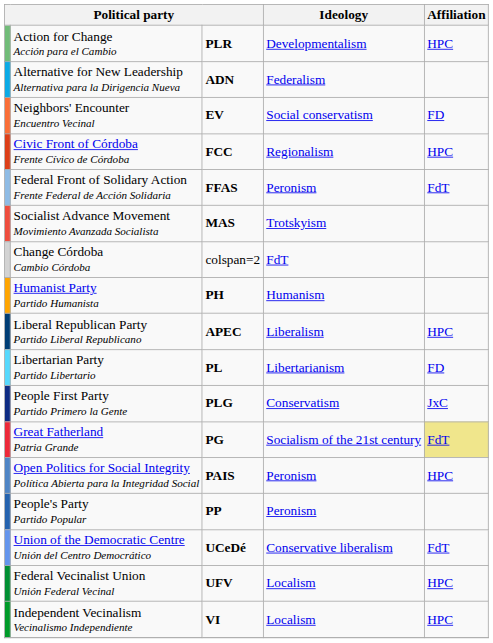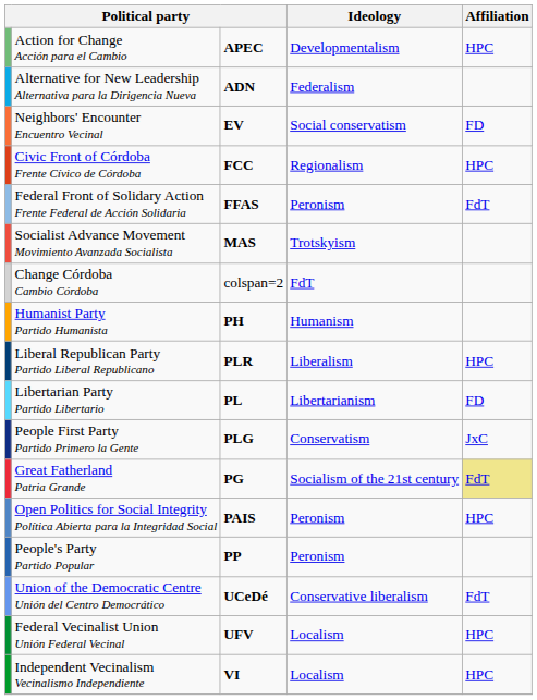 <table class="wikitable">
 <tr>
 <th colspan=3>Political party</th>
 <th>Ideology</th>
 <th>Affiliation</th>
 </tr>
 <tr>
 <th style="background:#71BC78;"></th>
 <td>Action for Change<br><small><em>Acción para el Cambio</em></small></td>
-<td><strong>PLR</strong></td>
+<td><strong>APEC</strong></td>
 <td><a href='#'>Developmentalism</a></td>
 <td><a href='#'>HPC</a></td>
 </tr>
 <tr>
 <th style="background:#0aaae6;"></th>
 <td>Alternative for New Leadership<br><small><em>Alternativa para la Dirigencia Nueva</em></small></td>
 <td><strong>ADN</strong></td>
 <td><a href='#'>Federalism</a></td>
 <td></td>
 </tr>
 <tr>
 <th style="background:#fa6e36;"></th>
 <td>Neighbors' Encounter<br><small><em>Encuentro Vecinal</em></small></td>
 <td><strong>EV</strong></td>
 <td><a href='#'>Social conservatism</a></td>
 <td><a href='#'>FD</a></td>
 </tr>
 <tr>
 <th style="background:#dd3f18;"></th>
 <td><a href='#'>Civic Front of Córdoba</a><br><small><em>Frente Cívico de Córdoba</em></small></td>
 <td><strong>FCC</strong></td>
 <td><a href='#'>Regionalism</a></td>
 <td><a href='#'>HPC</a></td>
 </tr>
 <tr>
 <th style="background:#8ebbe5;"></th>
 <td>Federal Front of Solidary Action<br><small><em>Frente Federal de Acción Solidaria</em></small></td>
 <td><strong>FFAS</strong></td>
 <td><a href='#'>Peronism</a></td>
 <td><a href='#'>FdT</a></td>
 </tr>
 <tr>
 <th style="background:#ef4d3e;"></th>
 <td>Socialist Advance Movement<br><small><em>Movimiento Avanzada Socialista</em></small></td>
 <td><strong>MAS</strong></td>
 <td><a href='#'>Trotskyism</a></td>
 <td></td>
 </tr>
 <tr>
 <th style="background:#d3d3d3;"></th>
 <td>Change Córdoba<br><small><em>Cambio Córdoba</em></small></td>
 <td>colspan=2 </td>
 <td><a href='#'>FdT</a></td>
 </tr>
 <tr>
 <th style="background:orange;"></th>
 <td><a href='#'>Humanist Party</a><br><small><em>Partido Humanista</em></small></td>
 <td><strong>PH</strong></td>
 <td><a href='#'>Humanism</a></td>
 <td></td>
 </tr>
 <tr>
 <th style="background:#003e76;"></th>
 <td>Liberal Republican Party<br><small><em>Partido Liberal Republicano</em></small></td>
-<td><strong>APEC</strong></td>
+<td><strong>PLR</strong></td>
 <td><a href='#'>Liberalism</a></td>
 <td><a href='#'>HPC</a></td>
 </tr>
 <tr>
 <th style="background:#56d9fe;"></th>
 <td>Libertarian Party<br><small><em>Partido Libertario</em></small></td>
 <td><strong>PL</strong></td>
 <td><a href='#'>Libertarianism</a></td>
 <td><a href='#'>FD</a></td>
 </tr>
 <tr>
 <th style="background:#0e2c84;"></th>
 <td>People First Party<br><small><em>Partido Primero la Gente</em></small></td>
 <td><strong>PLG</strong></td>
 <td><a href='#'>Conservatism</a></td>
 <td><a href='#'>JxC</a></td>
 </tr>
 <tr>
 <th style="background:#ED2939;"></th>
 <td><a href='#'>Great Fatherland</a><br><small><em>Patria Grande</em></small></td>
 <td><strong>PG</strong></td>
 <td><a href='#'>Socialism of the 21st century</a></td>
 <td style="background: khaki;"><a href='#'>FdT</a></td>
 </tr>
 <tr>
 <th style="background:#4f85c5;"></th>
 <td><a href='#'>Open Politics for Social Integrity</a><br><small><em>Política Abierta para la Integridad Social</em></small></td>
 <td><strong>PAIS</strong></td>
 <td><a href='#'>Peronism</a></td>
 <td><a href='#'>HPC</a></td>
 </tr>
 <tr>
 <th style="background:#2563af;"></th>
 <td>People's Party<br><small><em>Partido Popular</em></small></td>
 <td><strong>PP</strong></td>
 <td><a href='#'>Peronism</a></td>
 <td></td>
 </tr>
 <tr>
 <th style="background:#6495ED;"></th>
 <td><a href='#'>Union of the Democratic Centre</a><br><small><em>Unión del Centro Democrático</em></small></td>
 <td><strong>UCeDé</strong></td>
 <td><a href='#'>Conservative liberalism</a></td>
 <td><a href='#'>FdT</a></td>
 </tr>
 <tr>
 <th style="background:#008f33;"></th>
 <td>Federal Vecinalist Union<br><small><em>Unión Federal Vecinal</em></small></td>
 <td><strong>UFV</strong></td>
 <td><a href='#'>Localism</a></td>
 <td><a href='#'>HPC</a></td>
 </tr>
 <tr>
 <th style="background:#009b2a;"></th>
 <td>Independent Vecinalism<br><small><em>Vecinalismo Independiente</em></small></td>
 <td><strong>VI</strong></td>
 <td><a href='#'>Localism</a></td>
 <td><a href='#'>HPC</a></td>
 </tr>
 <tr>
 </tr>
 </table>
